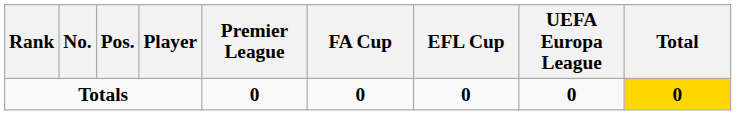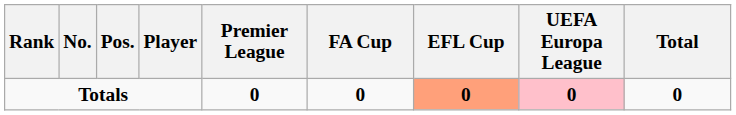 <table class="wikitable sortable alternance" style="text-align:center">
 <tr>
 <th>Rank</th>
 <th>No.</th>
 <th>Pos.</th>
 <th>Player</th>
 <th width="80">Premier League</th>
 <th width="80">FA Cup</th>
 <th width="80">EFL Cup</th>
 <th width="80">UEFA Europa League</th>
 <th width="80">Total</th>
 </tr>
 <tr class="sortbottom">
 <td colspan="4"><strong>Totals</strong></td>
 <td><strong>0</strong></td>
 <td><strong>0</strong></td>
+<td style="background: lightsalmon;"><strong>0</strong></td>
+<td style="background: pink;"><strong>0</strong></td>
 <td><strong>0</strong></td>
-<td><strong>0</strong></td>
-<td style="background: gold;"><strong>0</strong></td>
 </tr>
 </table>
